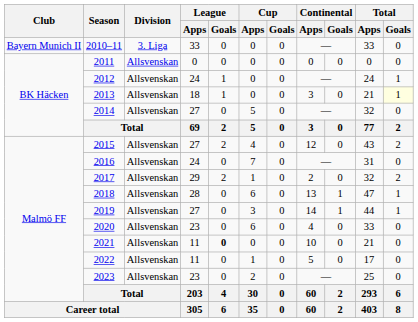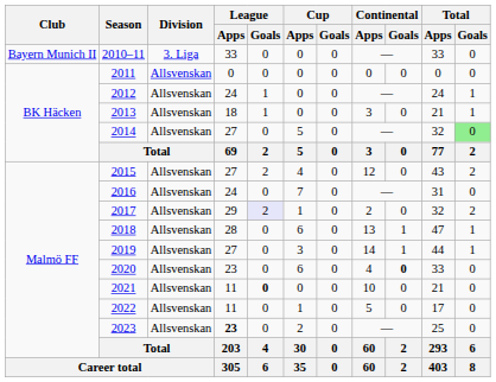 <table class="wikitable" style="text-align:center">
 <tr>
 <th rowspan="2">Club</th>
 <th rowspan="2">Season</th>
 <th rowspan="2">Division</th>
 <th colspan="2">League</th>
 <th colspan="2">Cup</th>
 <th colspan="2">Continental</th>
 <th colspan="2">Total</th>
 </tr>
 <tr>
 <th>Apps</th>
 <th>Goals</th>
 <th>Apps</th>
 <th>Goals</th>
 <th>Apps</th>
 <th>Goals</th>
 <th>Apps</th>
 <th>Goals</th>
 </tr>
 <tr>
 <td><a href='#'>Bayern Munich II</a></td>
 <td><a href='#'>2010–11</a></td>
 <td><a href='#'>3. Liga</a></td>
 <td>33</td>
 <td>0</td>
 <td>0</td>
 <td>0</td>
 <td colspan="2">—</td>
 <td>33</td>
 <td>0</td>
 </tr>
 <tr>
 <td rowspan="5"><a href='#'>BK Häcken</a></td>
 <td><a href='#'>2011</a></td>
 <td><a href='#'>Allsvenskan</a></td>
 <td>0</td>
 <td>0</td>
 <td>0</td>
 <td>0</td>
 <td>0</td>
 <td>0</td>
 <td>0</td>
 <td>0</td>
 </tr>
 <tr>
 <td><a href='#'>2012</a></td>
 <td>Allsvenskan</td>
 <td>24</td>
 <td>1</td>
 <td>0</td>
 <td>0</td>
 <td colspan="2">—</td>
 <td>24</td>
 <td>1</td>
 </tr>
 <tr>
 <td><a href='#'>2013</a></td>
 <td>Allsvenskan</td>
 <td>18</td>
 <td>1</td>
 <td>0</td>
 <td>0</td>
 <td>3</td>
 <td>0</td>
 <td>21</td>
-<td style="background: lightyellow;">1</td>
+<td>1</td>
 </tr>
 <tr>
 <td><a href='#'>2014</a></td>
 <td>Allsvenskan</td>
 <td>27</td>
 <td>0</td>
 <td>5</td>
 <td>0</td>
 <td colspan="2">—</td>
 <td>32</td>
-<td>0</td>
+<td style="background: lightgreen;">0</td>
 </tr>
 <tr>
 <th colspan="2">Total</th>
 <th>69</th>
 <th>2</th>
 <th>5</th>
 <th>0</th>
 <th>3</th>
 <th>0</th>
 <th>77</th>
 <th>2</th>
 </tr>
 <tr>
 <td rowspan="10"><a href='#'>Malmö FF</a></td>
 <td><a href='#'>2015</a></td>
 <td>Allsvenskan</td>
 <td>27</td>
 <td>2</td>
 <td>4</td>
 <td>0</td>
 <td>12</td>
 <td>0</td>
 <td>43</td>
 <td>2</td>
 </tr>
 <tr>
 <td><a href='#'>2016</a></td>
 <td>Allsvenskan</td>
 <td>24</td>
 <td>0</td>
 <td>7</td>
 <td>0</td>
 <td colspan="2">—</td>
 <td>31</td>
 <td>0</td>
 </tr>
 <tr>
 <td><a href='#'>2017</a></td>
 <td>Allsvenskan</td>
 <td>29</td>
-<td>2</td>
+<td style="background: lavender;">2</td>
 <td>1</td>
 <td>0</td>
 <td>2</td>
 <td>0</td>
 <td>32</td>
 <td>2</td>
 </tr>
 <tr>
 <td><a href='#'>2018</a></td>
 <td>Allsvenskan</td>
 <td>28</td>
 <td>0</td>
 <td>6</td>
 <td>0</td>
 <td>13</td>
 <td>1</td>
 <td>47</td>
 <td>1</td>
 </tr>
 <tr>
 <td><a href='#'>2019</a></td>
 <td>Allsvenskan</td>
 <td>27</td>
 <td>0</td>
 <td>3</td>
 <td>0</td>
 <td>14</td>
 <td>1</td>
 <td>44</td>
 <td>1</td>
 </tr>
 <tr>
 <td><a href='#'>2020</a></td>
 <td>Allsvenskan</td>
 <td>23</td>
 <td>0</td>
 <td>6</td>
 <td>0</td>
 <td>4</td>
-<td>0</td>
+<td><strong>0</strong></td>
 <td>33</td>
 <td>0</td>
 </tr>
 <tr>
 <td><a href='#'>2021</a></td>
 <td>Allsvenskan</td>
 <td>11</td>
 <td><strong>0</strong></td>
 <td>0</td>
 <td>0</td>
 <td>10</td>
 <td>0</td>
 <td>21</td>
 <td>0</td>
 </tr>
 <tr>
 <td><a href='#'>2022</a></td>
 <td>Allsvenskan</td>
 <td>11</td>
 <td>0</td>
 <td>1</td>
 <td>0</td>
 <td>5</td>
 <td>0</td>
 <td>17</td>
 <td>0</td>
 </tr>
 <tr>
 <td><a href='#'>2023</a></td>
 <td>Allsvenskan</td>
-<td>23</td>
+<td><strong>23</strong></td>
 <td>0</td>
 <td>2</td>
 <td>0</td>
 <td colspan="2">—</td>
 <td>25</td>
 <td>0</td>
 </tr>
 <tr>
 <th colspan="2">Total</th>
 <th>203</th>
 <th>4</th>
 <th>30</th>
 <th>0</th>
 <th>60</th>
 <th>2</th>
 <th>293</th>
 <th>6</th>
 </tr>
 <tr>
 <th colspan="3">Career total</th>
 <th>305</th>
 <th>6</th>
 <th>35</th>
 <th>0</th>
 <th>60</th>
 <th>2</th>
 <th>403</th>
 <th>8</th>
 </tr>
 </table>
